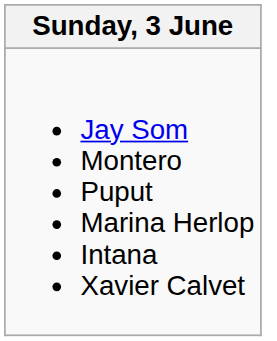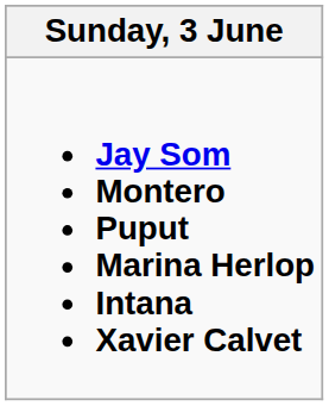 <table class="wikitable">
 <tr>
 <th>Sunday, 3 June</th>
 </tr>
 <tr valign="top">
-<td><br><ul><li><a href='#'>Jay Som</a></li><li>Montero</li><li>Puput</li><li>Marina Herlop</li><li>Intana</li><li>Xavier Calvet</li></ul></td>
+<td><strong><br><ul><li><a href='#'>Jay Som</a></li><li>Montero</li><li>Puput</li><li>Marina Herlop</li><li>Intana</li><li>Xavier Calvet</li></ul></strong></td>
 </tr>
 </table>
